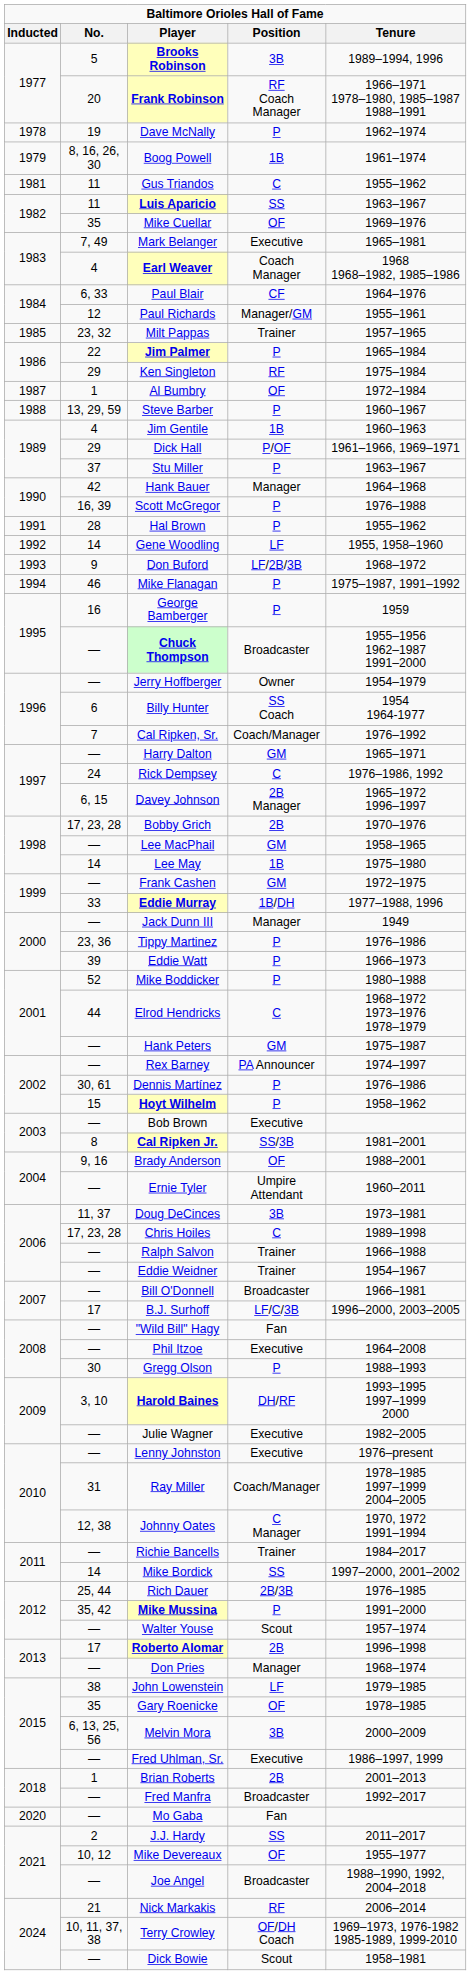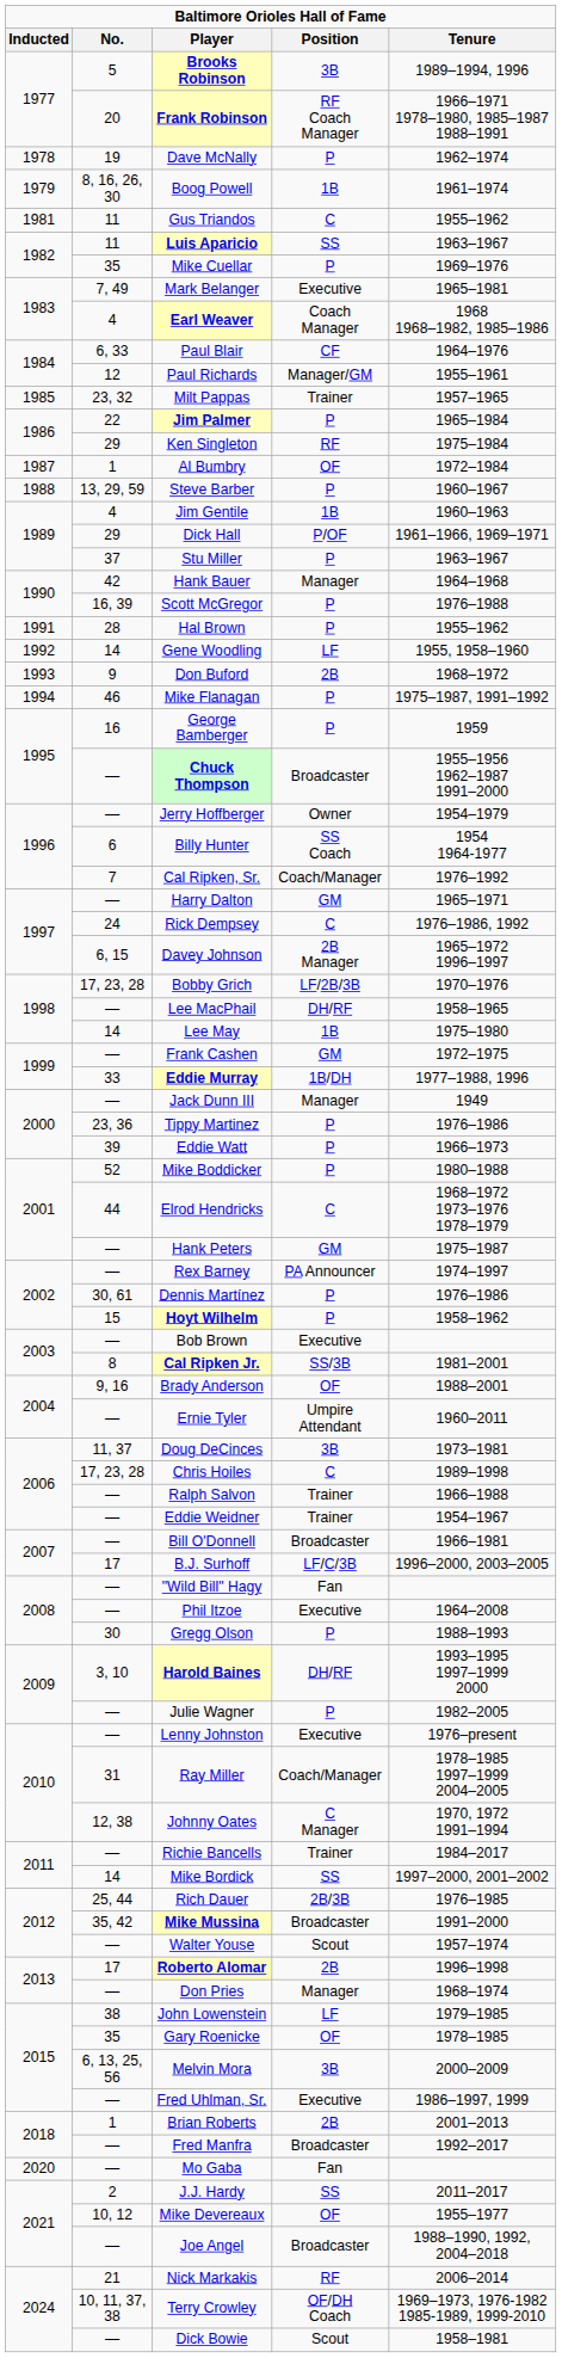 <table class="wikitable" style="text-align:center">
 <tr>
 <td colspan="5"><strong>Baltimore Orioles Hall of Fame</strong></td>
 </tr>
 <tr>
 <th>Inducted</th>
 <th>No.</th>
 <th>Player</th>
 <th>Position</th>
 <th>Tenure</th>
 </tr>
 <tr>
 <td rowspan=2>1977</td>
 <td>5</td>
 <td style="background:#ffb;"><strong><a href='#'>Brooks Robinson</a></strong></td>
 <td><a href='#'>3B</a></td>
 <td>1989–1994, 1996</td>
 </tr>
 <tr>
 <td>20</td>
 <td style="background:#ffb;"><strong><a href='#'>Frank Robinson</a></strong></td>
 <td><a href='#'>RF</a><br>Coach<br>Manager</td>
 <td>1966–1971<br>1978–1980, 1985–1987<br>1988–1991</td>
 </tr>
 <tr>
 <td>1978</td>
 <td>19</td>
 <td><a href='#'>Dave McNally</a></td>
 <td><a href='#'>P</a></td>
 <td>1962–1974</td>
 </tr>
 <tr>
 <td>1979</td>
 <td>8, 16, 26, 30</td>
 <td><a href='#'>Boog Powell</a></td>
 <td><a href='#'>1B</a></td>
 <td>1961–1974</td>
 </tr>
 <tr>
 <td>1981</td>
 <td>11</td>
 <td><a href='#'>Gus Triandos</a></td>
 <td><a href='#'>C</a></td>
 <td>1955–1962</td>
 </tr>
 <tr>
 <td rowspan=2>1982</td>
 <td>11</td>
 <td style="background:#ffb;"><strong><a href='#'>Luis Aparicio</a></strong></td>
 <td><a href='#'>SS</a></td>
 <td>1963–1967</td>
 </tr>
 <tr>
 <td>35</td>
 <td><a href='#'>Mike Cuellar</a></td>
-<td><a href='#'>OF</a></td>
+<td><a href='#'>P</a></td>
 <td>1969–1976</td>
 </tr>
 <tr>
 <td rowspan=2>1983</td>
 <td>7, 49</td>
 <td><a href='#'>Mark Belanger</a></td>
 <td>Executive</td>
 <td>1965–1981</td>
 </tr>
 <tr>
 <td>4</td>
 <td style="background:#ffb;"><strong><a href='#'>Earl Weaver</a></strong></td>
 <td>Coach<br>Manager</td>
 <td>1968<br>1968–1982, 1985–1986</td>
 </tr>
 <tr>
 <td rowspan=2>1984</td>
 <td>6, 33</td>
 <td><a href='#'>Paul Blair</a></td>
 <td><a href='#'>CF</a></td>
 <td>1964–1976</td>
 </tr>
 <tr>
 <td>12</td>
 <td><a href='#'>Paul Richards</a></td>
 <td>Manager/<a href='#'>GM</a></td>
 <td>1955–1961</td>
 </tr>
 <tr>
 <td>1985</td>
 <td>23, 32</td>
 <td><a href='#'>Milt Pappas</a></td>
 <td>Trainer</td>
 <td>1957–1965</td>
 </tr>
 <tr>
 <td rowspan=2>1986</td>
 <td>22</td>
 <td style="background:#ffb;"><strong><a href='#'>Jim Palmer</a></strong></td>
 <td><a href='#'>P</a></td>
 <td>1965–1984</td>
 </tr>
 <tr>
 <td>29</td>
 <td><a href='#'>Ken Singleton</a></td>
 <td><a href='#'>RF</a></td>
 <td>1975–1984</td>
 </tr>
 <tr>
 <td>1987</td>
 <td>1</td>
 <td><a href='#'>Al Bumbry</a></td>
 <td><a href='#'>OF</a></td>
 <td>1972–1984</td>
 </tr>
 <tr>
 <td>1988</td>
 <td>13, 29, 59</td>
 <td><a href='#'>Steve Barber</a></td>
 <td><a href='#'>P</a></td>
 <td>1960–1967</td>
 </tr>
 <tr>
 <td rowspan=3>1989</td>
 <td>4</td>
 <td><a href='#'>Jim Gentile</a></td>
 <td><a href='#'>1B</a></td>
 <td>1960–1963</td>
 </tr>
 <tr>
 <td>29</td>
 <td><a href='#'>Dick Hall</a></td>
 <td><a href='#'>P</a>/<a href='#'>OF</a></td>
 <td>1961–1966, 1969–1971</td>
 </tr>
 <tr>
 <td>37</td>
 <td><a href='#'>Stu Miller</a></td>
 <td><a href='#'>P</a></td>
 <td>1963–1967</td>
 </tr>
 <tr>
 <td rowspan=2>1990</td>
 <td>42</td>
 <td><a href='#'>Hank Bauer</a></td>
 <td>Manager</td>
 <td>1964–1968</td>
 </tr>
 <tr>
 <td>16, 39</td>
 <td><a href='#'>Scott McGregor</a></td>
 <td><a href='#'>P</a></td>
 <td>1976–1988</td>
 </tr>
 <tr>
 <td>1991</td>
 <td>28</td>
 <td><a href='#'>Hal Brown</a></td>
 <td><a href='#'>P</a></td>
 <td>1955–1962</td>
 </tr>
 <tr>
 <td>1992</td>
 <td>14</td>
 <td><a href='#'>Gene Woodling</a></td>
 <td><a href='#'>LF</a></td>
 <td>1955, 1958–1960</td>
 </tr>
 <tr>
 <td>1993</td>
 <td>9</td>
 <td><a href='#'>Don Buford</a></td>
-<td><a href='#'>LF</a>/<a href='#'>2B</a>/<a href='#'>3B</a></td>
+<td><a href='#'>2B</a></td>
 <td>1968–1972</td>
 </tr>
 <tr>
 <td>1994</td>
 <td>46</td>
 <td><a href='#'>Mike Flanagan</a></td>
 <td><a href='#'>P</a></td>
 <td>1975–1987, 1991–1992</td>
 </tr>
 <tr>
 <td rowspan=2>1995</td>
 <td>16</td>
 <td><a href='#'>George Bamberger</a></td>
 <td><a href='#'>P</a></td>
 <td>1959</td>
 </tr>
 <tr>
 <td>—</td>
 <td style="background:#cfc;"><strong><a href='#'>Chuck Thompson</a></strong></td>
 <td>Broadcaster</td>
 <td>1955–1956<br>1962–1987<br>1991–2000</td>
 </tr>
 <tr>
 <td rowspan=3>1996</td>
 <td>—</td>
 <td><a href='#'>Jerry Hoffberger</a></td>
 <td>Owner</td>
 <td>1954–1979</td>
 </tr>
 <tr>
 <td>6</td>
 <td><a href='#'>Billy Hunter</a></td>
 <td><a href='#'>SS</a><br>Coach</td>
 <td>1954<br>1964-1977</td>
 </tr>
 <tr>
 <td>7</td>
 <td><a href='#'>Cal Ripken, Sr.</a></td>
 <td>Coach/Manager</td>
 <td>1976–1992</td>
 </tr>
 <tr>
 <td rowspan=3>1997</td>
 <td>—</td>
 <td><a href='#'>Harry Dalton</a></td>
 <td><a href='#'>GM</a></td>
 <td>1965–1971</td>
 </tr>
 <tr>
 <td>24</td>
 <td><a href='#'>Rick Dempsey</a></td>
 <td><a href='#'>C</a></td>
 <td>1976–1986, 1992</td>
 </tr>
 <tr>
 <td>6, 15</td>
 <td><a href='#'>Davey Johnson</a></td>
 <td><a href='#'>2B</a><br>Manager</td>
 <td>1965–1972<br>1996–1997</td>
 </tr>
 <tr>
 <td rowspan=3>1998</td>
 <td>17, 23, 28</td>
 <td><a href='#'>Bobby Grich</a></td>
-<td><a href='#'>2B</a></td>
+<td><a href='#'>LF</a>/<a href='#'>2B</a>/<a href='#'>3B</a></td>
 <td>1970–1976</td>
 </tr>
 <tr>
 <td>—</td>
 <td><a href='#'>Lee MacPhail</a></td>
-<td><a href='#'>GM</a></td>
+<td><a href='#'>DH</a>/<a href='#'>RF</a></td>
 <td>1958–1965</td>
 </tr>
 <tr>
 <td>14</td>
 <td><a href='#'>Lee May</a></td>
 <td><a href='#'>1B</a></td>
 <td>1975–1980</td>
 </tr>
 <tr>
 <td rowspan=2>1999</td>
 <td>—</td>
 <td><a href='#'>Frank Cashen</a></td>
 <td><a href='#'>GM</a></td>
 <td>1972–1975</td>
 </tr>
 <tr>
 <td>33</td>
 <td style="background:#ffb;"><strong><a href='#'>Eddie Murray</a></strong></td>
 <td><a href='#'>1B</a>/<a href='#'>DH</a></td>
 <td>1977–1988, 1996</td>
 </tr>
 <tr>
 <td rowspan=3>2000</td>
 <td>—</td>
 <td><a href='#'>Jack Dunn III</a></td>
 <td>Manager</td>
 <td>1949</td>
 </tr>
 <tr>
 <td>23, 36</td>
 <td><a href='#'>Tippy Martinez</a></td>
 <td><a href='#'>P</a></td>
 <td>1976–1986</td>
 </tr>
 <tr>
 <td>39</td>
 <td><a href='#'>Eddie Watt</a></td>
 <td><a href='#'>P</a></td>
 <td>1966–1973</td>
 </tr>
 <tr>
 <td rowspan=3>2001</td>
 <td>52</td>
 <td><a href='#'>Mike Boddicker</a></td>
 <td><a href='#'>P</a></td>
 <td>1980–1988</td>
 </tr>
 <tr>
 <td>44</td>
 <td><a href='#'>Elrod Hendricks</a></td>
 <td><a href='#'>C</a></td>
 <td>1968–1972<br>1973–1976<br>1978–1979</td>
 </tr>
 <tr>
 <td>—</td>
 <td><a href='#'>Hank Peters</a></td>
 <td><a href='#'>GM</a></td>
 <td>1975–1987</td>
 </tr>
 <tr>
 <td rowspan=3>2002</td>
 <td>—</td>
 <td><a href='#'>Rex Barney</a></td>
 <td><a href='#'>PA</a> Announcer</td>
 <td>1974–1997</td>
 </tr>
 <tr>
 <td>30, 61</td>
 <td><a href='#'>Dennis Martínez</a></td>
 <td><a href='#'>P</a></td>
 <td>1976–1986</td>
 </tr>
 <tr>
 <td>15</td>
 <td style="background:#ffb;"><strong><a href='#'>Hoyt Wilhelm</a></strong></td>
 <td><a href='#'>P</a></td>
 <td>1958–1962</td>
 </tr>
 <tr>
 <td rowspan=2>2003</td>
 <td>—</td>
 <td>Bob Brown</td>
 <td>Executive</td>
 <td></td>
 </tr>
 <tr>
 <td>8</td>
 <td style="background:#ffb;"><strong><a href='#'>Cal Ripken Jr.</a></strong></td>
 <td><a href='#'>SS</a>/<a href='#'>3B</a></td>
 <td>1981–2001</td>
 </tr>
 <tr>
 <td rowspan=2>2004</td>
 <td>9, 16</td>
 <td><a href='#'>Brady Anderson</a></td>
 <td><a href='#'>OF</a></td>
 <td>1988–2001</td>
 </tr>
 <tr>
 <td>—</td>
 <td><a href='#'>Ernie Tyler</a></td>
 <td>Umpire Attendant</td>
 <td>1960–2011</td>
 </tr>
 <tr>
 <td rowspan=4>2006</td>
 <td>11, 37</td>
 <td><a href='#'>Doug DeCinces</a></td>
 <td><a href='#'>3B</a></td>
 <td>1973–1981</td>
 </tr>
 <tr>
 <td>17, 23, 28</td>
 <td><a href='#'>Chris Hoiles</a></td>
 <td><a href='#'>C</a></td>
 <td>1989–1998</td>
 </tr>
 <tr>
 <td>—</td>
 <td><a href='#'>Ralph Salvon</a></td>
 <td>Trainer</td>
 <td>1966–1988</td>
 </tr>
 <tr>
 <td>—</td>
 <td><a href='#'>Eddie Weidner</a></td>
 <td>Trainer</td>
 <td>1954–1967</td>
 </tr>
 <tr>
 <td rowspan=2>2007</td>
 <td>—</td>
 <td><a href='#'>Bill O'Donnell</a></td>
 <td>Broadcaster</td>
 <td>1966–1981</td>
 </tr>
 <tr>
 <td>17</td>
 <td><a href='#'>B.J. Surhoff</a></td>
 <td><a href='#'>LF</a>/<a href='#'>C</a>/<a href='#'>3B</a></td>
 <td>1996–2000, 2003–2005</td>
 </tr>
 <tr>
 <td rowspan=3>2008</td>
 <td>—</td>
 <td><a href='#'>"Wild Bill" Hagy</a></td>
 <td>Fan</td>
 <td></td>
 </tr>
 <tr>
 <td>—</td>
 <td><a href='#'>Phil Itzoe</a></td>
 <td>Executive</td>
 <td>1964–2008</td>
 </tr>
 <tr>
 <td>30</td>
 <td><a href='#'>Gregg Olson</a></td>
 <td><a href='#'>P</a></td>
 <td>1988–1993</td>
 </tr>
 <tr>
 <td rowspan=2>2009</td>
 <td>3, 10</td>
 <td style="background:#ffb;"><strong><a href='#'>Harold Baines</a></strong></td>
 <td><a href='#'>DH</a>/<a href='#'>RF</a></td>
 <td>1993–1995<br>1997–1999<br>2000</td>
 </tr>
 <tr>
 <td>—</td>
 <td>Julie Wagner</td>
-<td>Executive</td>
+<td><a href='#'>P</a></td>
 <td>1982–2005</td>
 </tr>
 <tr>
 <td rowspan=3>2010</td>
 <td>—</td>
 <td><a href='#'>Lenny Johnston</a></td>
 <td>Executive</td>
 <td>1976–present</td>
 </tr>
 <tr>
 <td>31</td>
 <td><a href='#'>Ray Miller</a></td>
 <td>Coach/Manager</td>
 <td>1978–1985<br>1997–1999<br>2004–2005</td>
 </tr>
 <tr>
 <td>12, 38</td>
 <td><a href='#'>Johnny Oates</a></td>
 <td><a href='#'>C</a><br>Manager</td>
 <td>1970, 1972<br>1991–1994</td>
 </tr>
 <tr>
 <td rowspan=2>2011</td>
 <td>—</td>
 <td><a href='#'>Richie Bancells</a></td>
 <td>Trainer</td>
 <td>1984–2017</td>
 </tr>
 <tr>
 <td>14</td>
 <td><a href='#'>Mike Bordick</a></td>
 <td><a href='#'>SS</a></td>
 <td>1997–2000, 2001–2002</td>
 </tr>
 <tr>
 <td rowspan=3>2012</td>
 <td>25, 44</td>
 <td><a href='#'>Rich Dauer</a></td>
 <td><a href='#'>2B</a>/<a href='#'>3B</a></td>
 <td>1976–1985</td>
 </tr>
 <tr>
 <td>35, 42</td>
 <td style="background:#ffb;"><strong><a href='#'>Mike Mussina</a></strong></td>
-<td><a href='#'>P</a></td>
+<td>Broadcaster</td>
 <td>1991–2000</td>
 </tr>
 <tr>
 <td>—</td>
 <td><a href='#'>Walter Youse</a></td>
 <td>Scout</td>
 <td>1957–1974</td>
 </tr>
 <tr>
 <td rowspan=2>2013</td>
 <td>17</td>
 <td style="background:#ffb;"><strong><a href='#'>Roberto Alomar</a></strong></td>
 <td><a href='#'>2B</a></td>
 <td>1996–1998</td>
 </tr>
 <tr>
 <td>—</td>
 <td><a href='#'>Don Pries</a></td>
 <td>Manager</td>
 <td>1968–1974</td>
 </tr>
 <tr>
 <td rowspan=4>2015</td>
 <td>38</td>
 <td><a href='#'>John Lowenstein</a></td>
 <td><a href='#'>LF</a></td>
 <td>1979–1985</td>
 </tr>
 <tr>
 <td>35</td>
 <td><a href='#'>Gary Roenicke</a></td>
 <td><a href='#'>OF</a></td>
 <td>1978–1985</td>
 </tr>
 <tr>
 <td>6, 13, 25, 56</td>
 <td><a href='#'>Melvin Mora</a></td>
 <td><a href='#'>3B</a></td>
 <td>2000–2009</td>
 </tr>
 <tr>
 <td>—</td>
 <td><a href='#'>Fred Uhlman, Sr.</a></td>
 <td>Executive</td>
 <td>1986–1997, 1999</td>
 </tr>
 <tr>
 <td rowspan=2>2018</td>
 <td>1</td>
 <td><a href='#'>Brian Roberts</a></td>
 <td><a href='#'>2B</a></td>
 <td>2001–2013</td>
 </tr>
 <tr>
 <td>—</td>
 <td><a href='#'>Fred Manfra</a></td>
 <td>Broadcaster</td>
 <td>1992–2017</td>
 </tr>
 <tr>
 <td rowspan=1>2020</td>
 <td>—</td>
 <td><a href='#'>Mo Gaba</a></td>
 <td>Fan</td>
 <td></td>
 </tr>
 <tr>
 <td rowspan=3>2021</td>
 <td>2</td>
 <td><a href='#'>J.J. Hardy</a></td>
 <td><a href='#'>SS</a></td>
 <td>2011–2017</td>
 </tr>
 <tr>
 <td>10, 12</td>
 <td><a href='#'>Mike Devereaux</a></td>
 <td><a href='#'>OF</a></td>
 <td>1955–1977</td>
 </tr>
 <tr>
 <td>—</td>
 <td><a href='#'>Joe Angel</a></td>
 <td>Broadcaster</td>
 <td>1988–1990, 1992, 2004–2018</td>
 </tr>
 <tr>
 <td rowspan=3>2024</td>
 <td>21</td>
 <td><a href='#'>Nick Markakis</a></td>
 <td><a href='#'>RF</a></td>
 <td>2006–2014</td>
 </tr>
 <tr>
 <td>10, 11, 37, 38</td>
 <td><a href='#'>Terry Crowley</a></td>
 <td><a href='#'>OF</a>/<a href='#'>DH</a><br>Coach</td>
 <td>1969–1973, 1976-1982<br>1985-1989, 1999-2010</td>
 </tr>
 <tr>
 <td>—</td>
 <td><a href='#'>Dick Bowie</a></td>
 <td>Scout</td>
 <td>1958–1981</td>
 </tr>
 </table>
